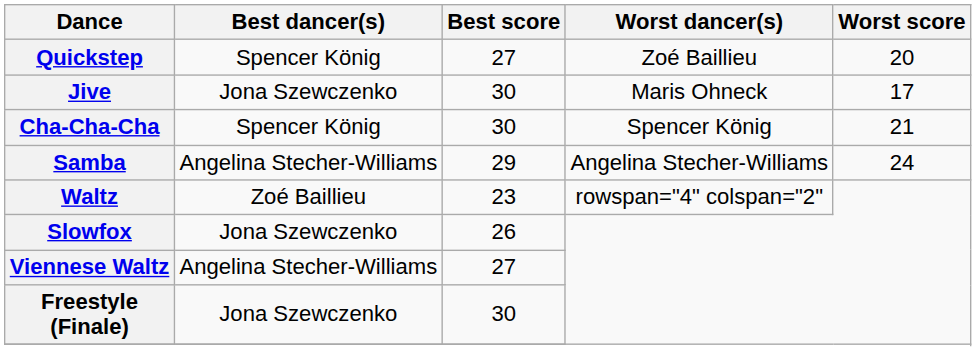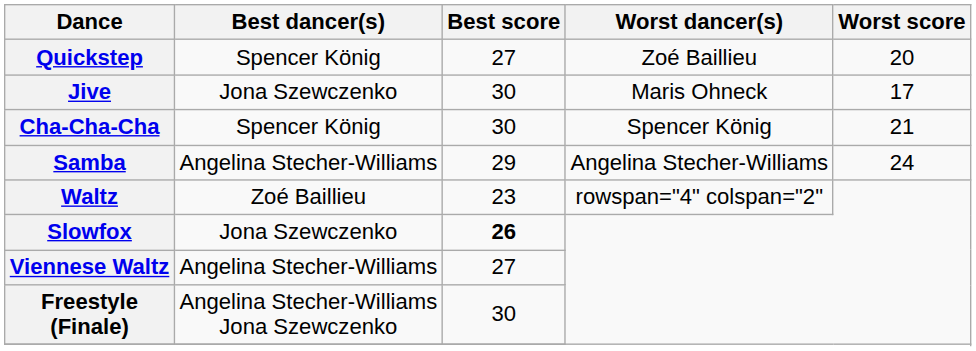 <table class="wikitable sortable nowrap" style="text-align:center;">
 <tr>
 <th>Dance</th>
 <th>Best dancer(s)</th>
 <th>Best score</th>
 <th>Worst dancer(s)</th>
 <th>Worst score</th>
 </tr>
 <tr>
 <th><a href='#'>Quickstep</a></th>
 <td>Spencer König</td>
 <td>27</td>
 <td>Zoé Baillieu</td>
 <td>20</td>
 </tr>
 <tr>
 <th><a href='#'>Jive</a></th>
 <td>Jona Szewczenko</td>
 <td>30</td>
 <td>Maris Ohneck</td>
 <td>17</td>
 </tr>
 <tr>
 <th><a href='#'>Cha-Cha-Cha</a></th>
 <td>Spencer König</td>
 <td>30</td>
 <td>Spencer König</td>
 <td>21</td>
 </tr>
 <tr>
 <th><a href='#'>Samba</a></th>
 <td>Angelina Stecher-Williams</td>
 <td>29</td>
 <td>Angelina Stecher-Williams</td>
 <td>24</td>
 </tr>
 <tr>
 <th><a href='#'>Waltz</a></th>
 <td>Zoé Baillieu</td>
 <td>23</td>
 <td>rowspan="4" colspan="2" </td>
 </tr>
 <tr>
 <th><a href='#'>Slowfox</a></th>
 <td>Jona Szewczenko</td>
-<td>26</td>
+<td><strong>26</strong></td>
 </tr>
 <tr>
 <th><a href='#'>Viennese Waltz</a></th>
 <td>Angelina Stecher-Williams</td>
 <td>27</td>
 </tr>
 <tr>
 <th>Freestyle<br>(Finale)</th>
-<td>Jona Szewczenko</td>
+<td>Angelina Stecher-Williams<br>Jona Szewczenko</td>
 <td>30</td>
 </tr>
 <tr>
 </tr>
 </table>
